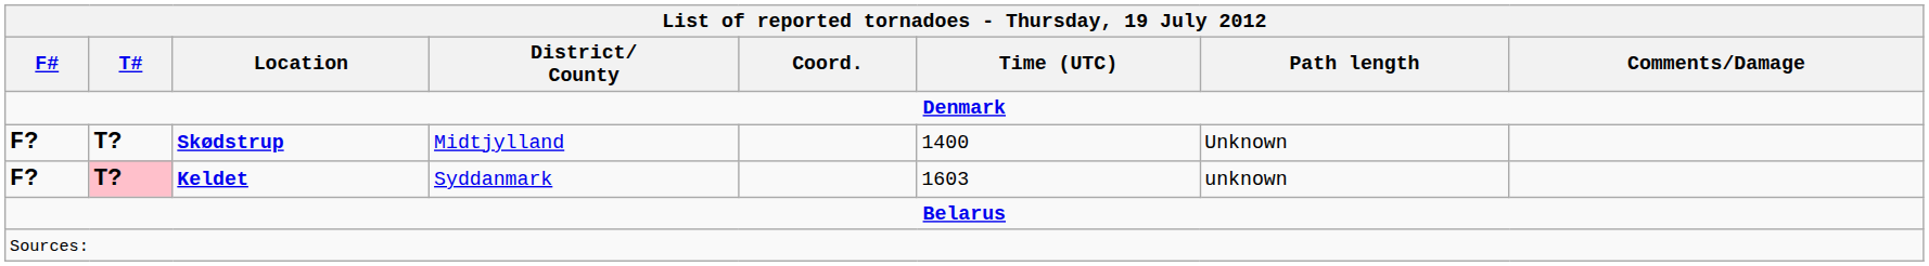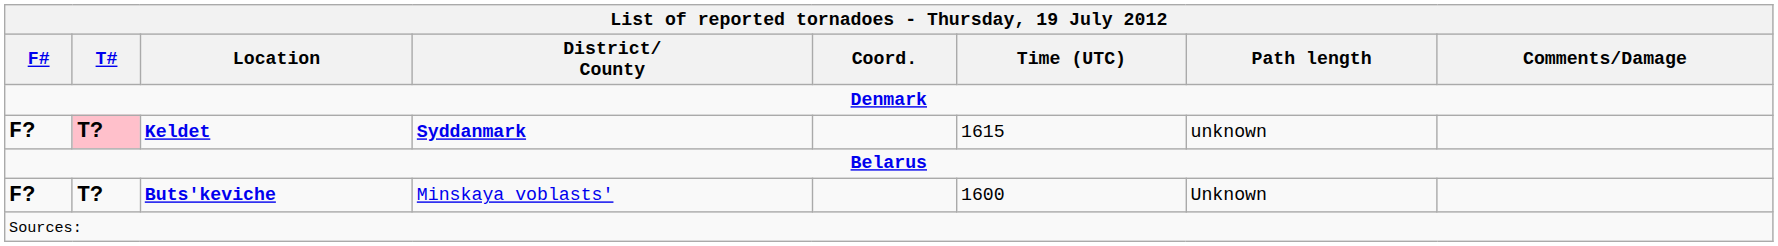 <table class="wikitable collapsible" width="100%">
 <tr>
 <th colspan="8">List of reported tornadoes - Thursday, 19 July 2012</th>
 </tr>
 <tr>
 <th><a href='#'>F#</a></th>
 <th><a href='#'>T#</a></th>
 <th>Location</th>
 <th>District/<br>County</th>
 <th>Coord.</th>
 <th>Time (UTC)</th>
 <th>Path length</th>
 <th>Comments/Damage</th>
 </tr>
 <tr>
 <td colspan="8" align=center><strong><a href='#'>Denmark</a></strong></td>
 </tr>
 <tr>
 <td><big><strong>F?</strong></big></td>
-<td><big><strong>T?</strong></big></td>
-<td><strong><a href='#'>Skødstrup</a></strong></td>
-<td><a href='#'>Midtjylland</a></td>
-<td></td>
-<td>1400</td>
-<td>Unknown</td>
-<td></td>
-</tr>
-<tr>
-<td><big><strong>F?</strong></big></td>
 <td style="background: pink;"><big><strong>T?</strong></big></td>
 <td><strong><a href='#'>Keldet</a></strong></td>
-<td><a href='#'>Syddanmark</a></td>
+<td><strong><a href='#'>Syddanmark</a></strong></td>
 <td></td>
-<td>1603</td>
+<td>1615</td>
 <td>unknown</td>
 <td></td>
 </tr>
 <tr>
 <td colspan="8" align=center><strong><a href='#'>Belarus</a></strong></td>
 </tr>
 <tr>
+<td><big><strong>F?</strong></big></td>
+<td><big><strong>T?</strong></big></td>
+<td><strong><a href='#'>Buts'keviche</a></strong></td>
+<td><a href='#'>Minskaya voblasts'</a></td>
+<td></td>
+<td>1600</td>
+<td>Unknown</td>
+<td></td>
+</tr>
+<tr>
 <td colspan="8"><small>Sources:  </small></td>
 </tr>
 </table>
